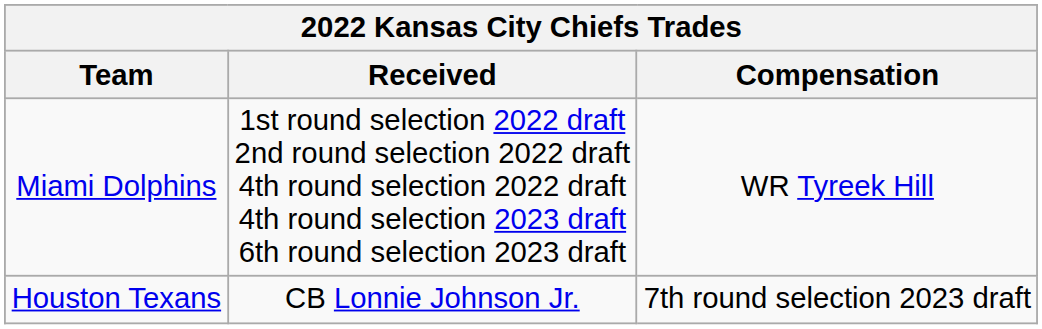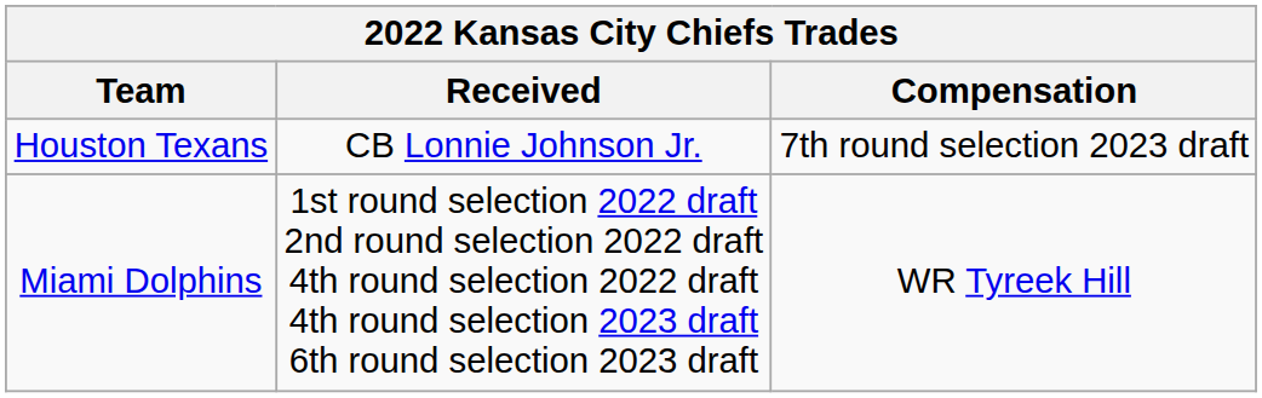 <table class="wikitable" style="text-align:center">
 <tr>
 <th colspan=3>2022 Kansas City Chiefs Trades</th>
 </tr>
 <tr>
 <th>Team</th>
 <th>Received</th>
 <th>Compensation</th>
 </tr>
 <tr>
+<td><a href='#'>Houston Texans</a></td>
+<td>CB <a href='#'>Lonnie Johnson Jr.</a></td>
+<td>7th round selection 2023 draft</td>
+</tr>
+<tr>
 <td><a href='#'>Miami Dolphins</a></td>
 <td>1st round selection <a href='#'>2022 draft</a><br>2nd round selection 2022 draft<br>4th round selection 2022 draft<br>4th round selection <a href='#'>2023 draft</a><br>6th round selection 2023 draft</td>
 <td>WR <a href='#'>Tyreek Hill</a></td>
 </tr>
-<tr>
-<td><a href='#'>Houston Texans</a></td>
-<td>CB <a href='#'>Lonnie Johnson Jr.</a></td>
-<td>7th round selection 2023 draft</td>
-</tr>
 </table>
